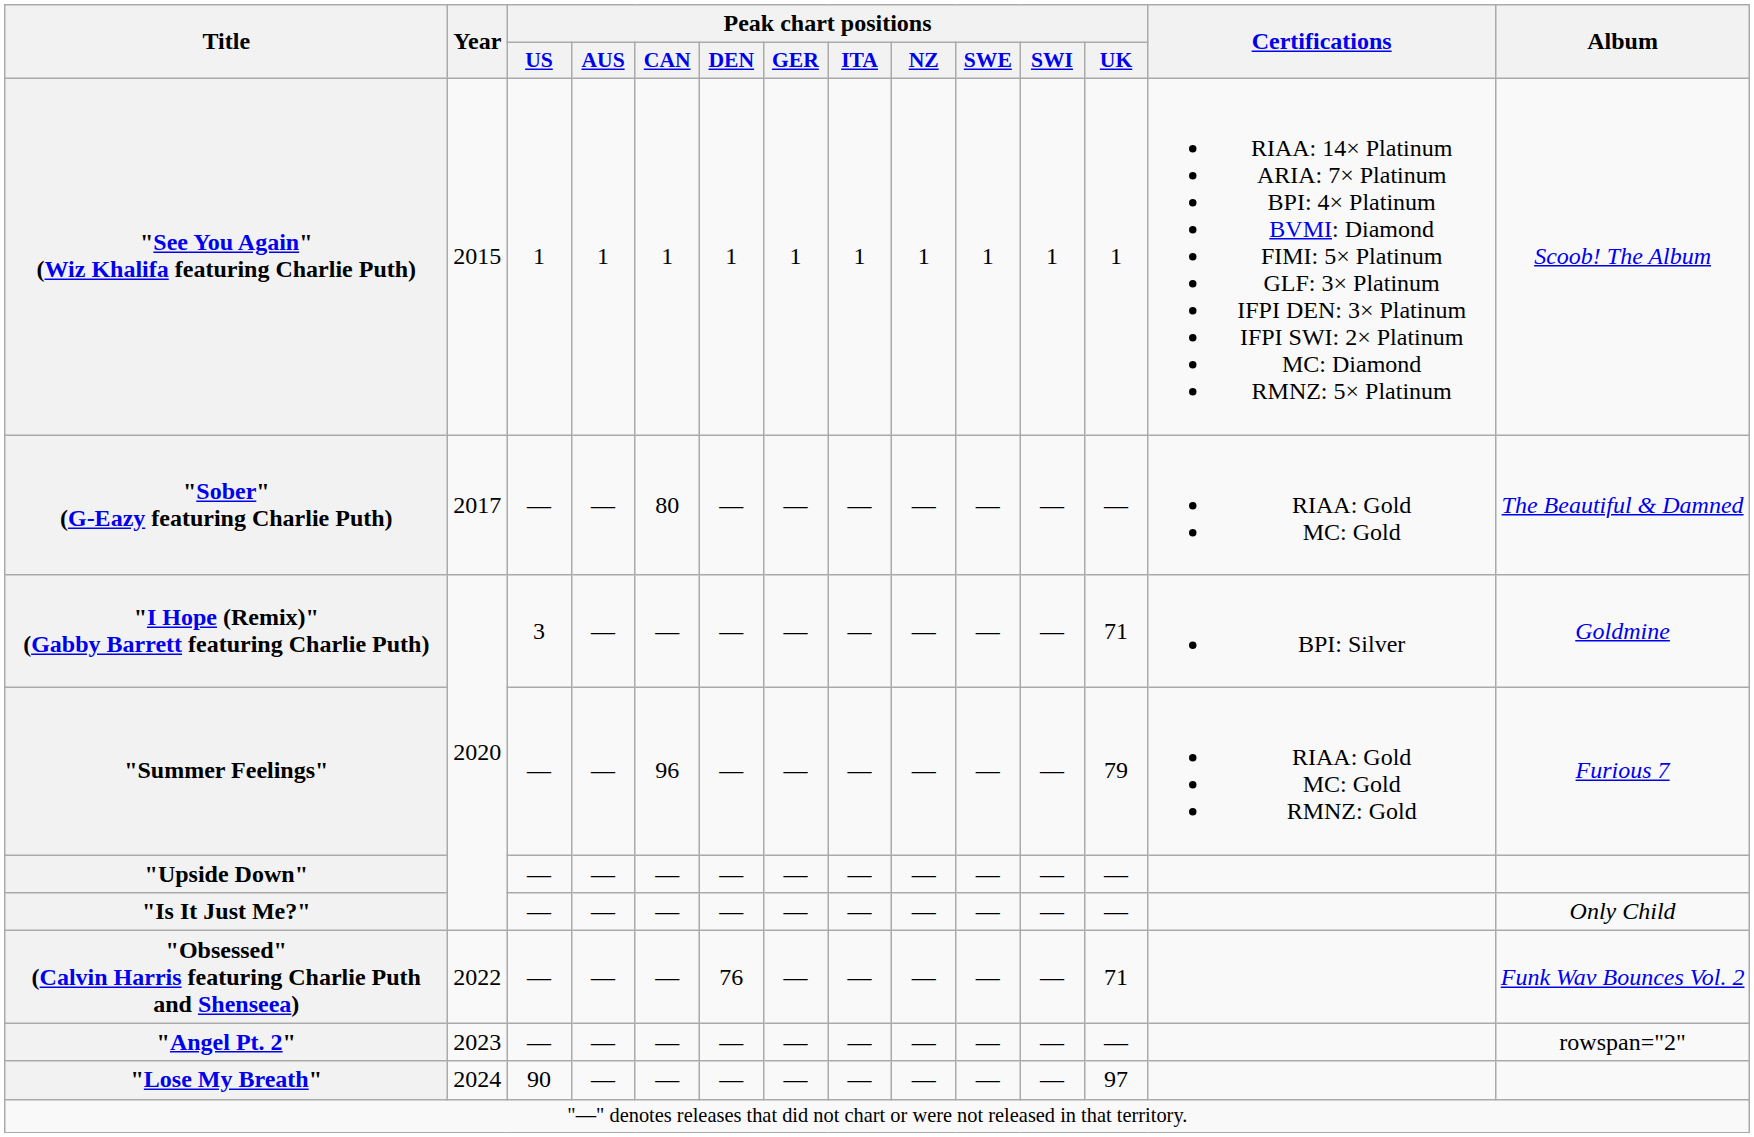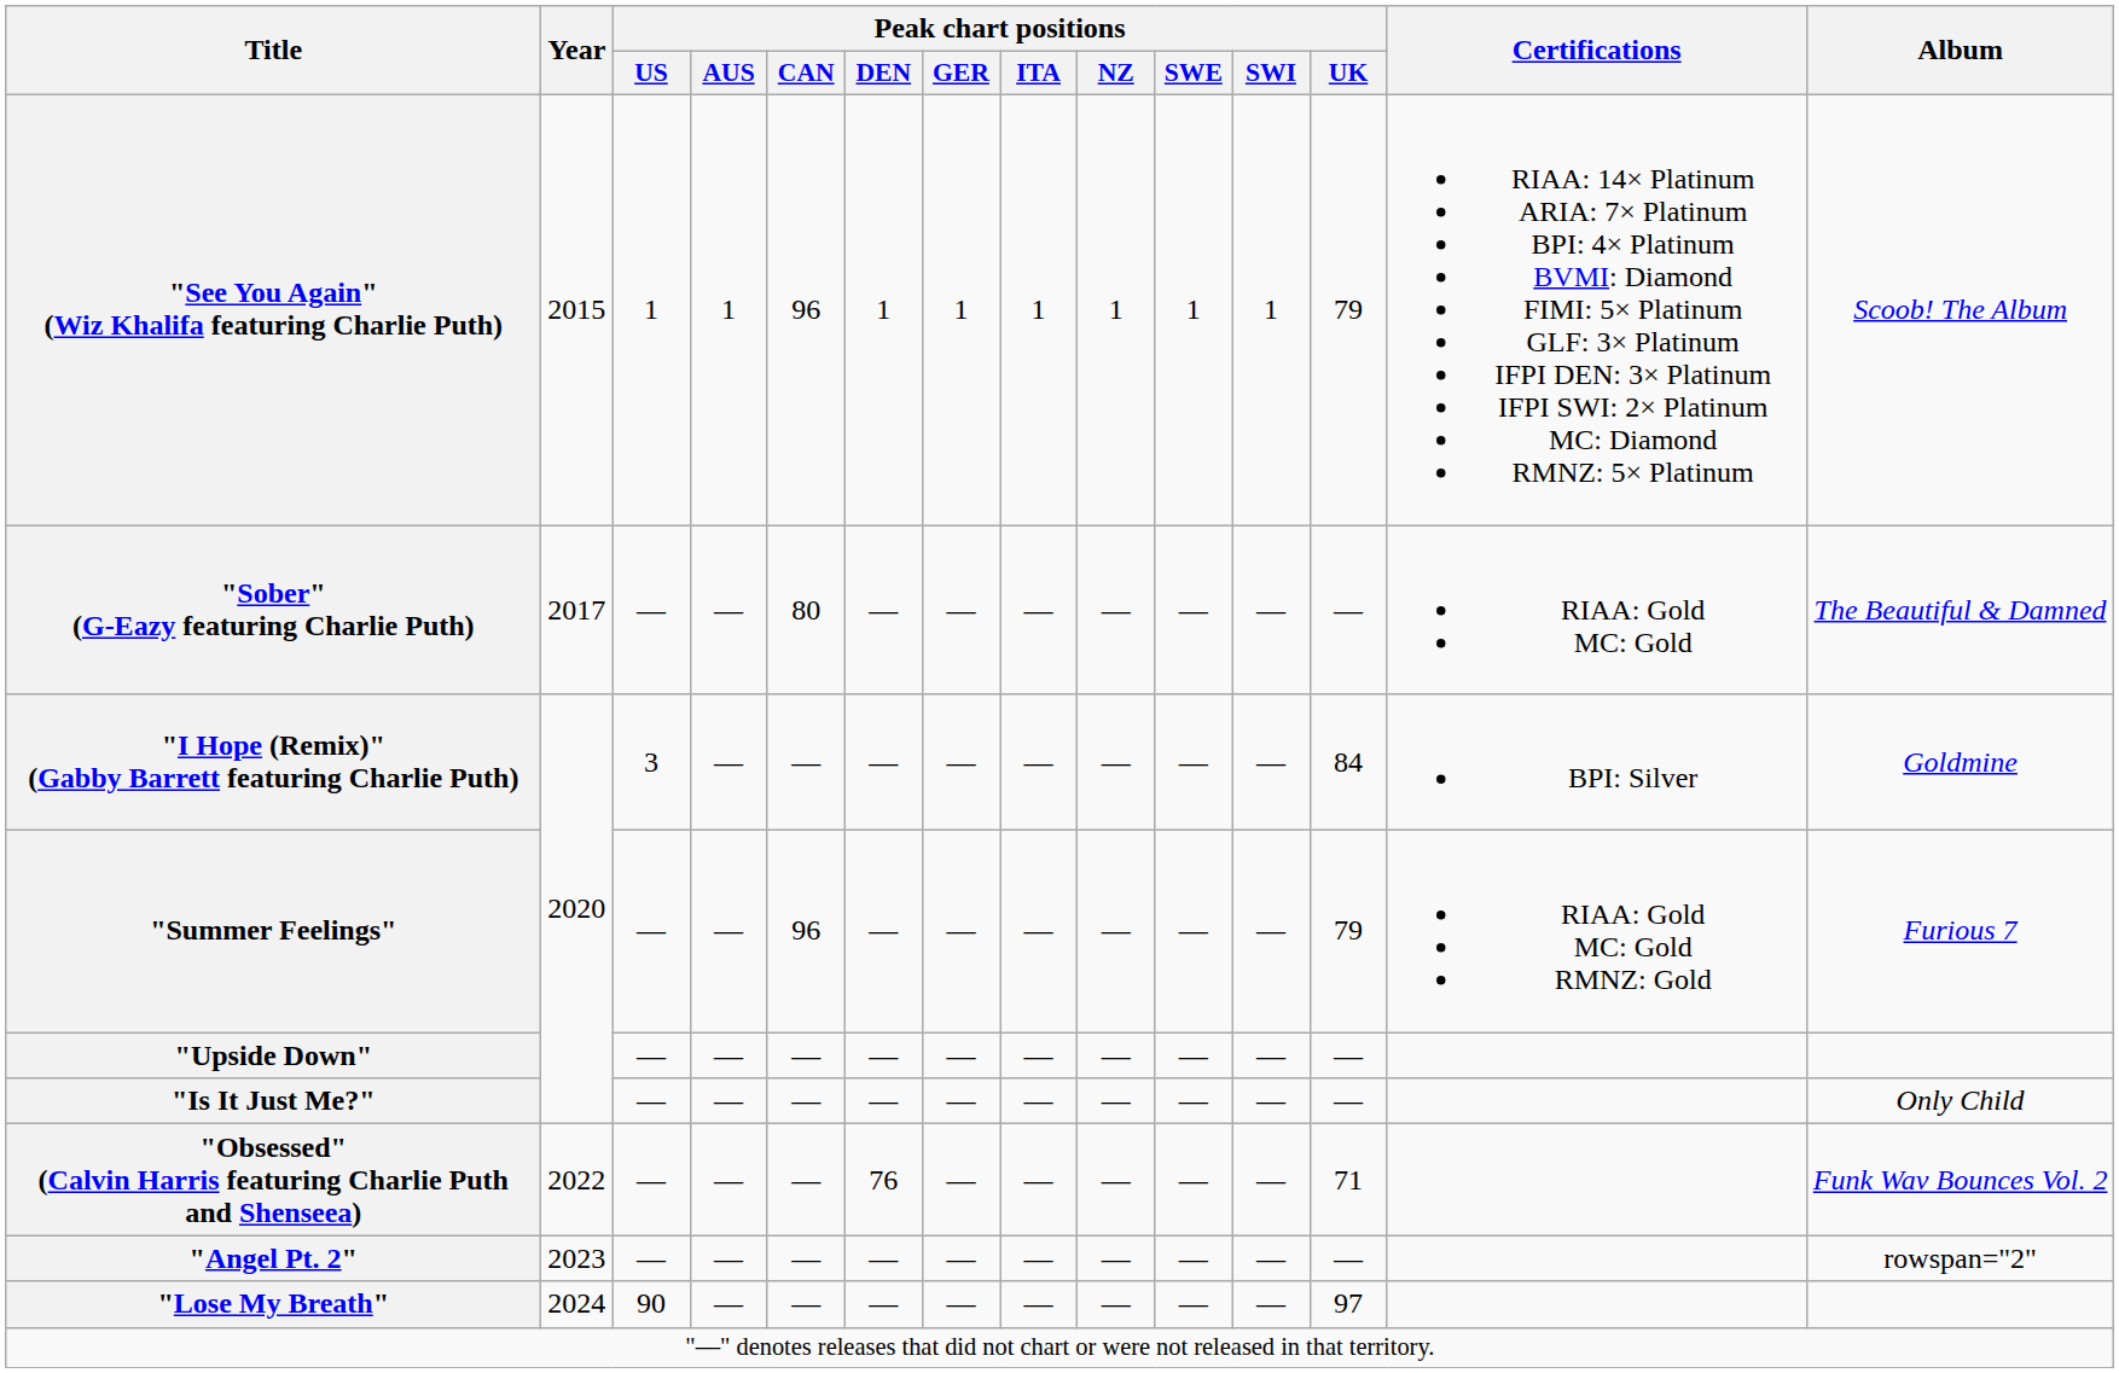 <table class="wikitable plainrowheaders" style="text-align:center;" border="1">
 <tr>
 <th scope="col" rowspan="2" style="width:18em;">Title</th>
 <th scope="col" rowspan="2">Year</th>
 <th scope="col" colspan="10">Peak chart positions</th>
 <th scope="col" rowspan="2" style="width:14em;"><a href='#'>Certifications</a></th>
 <th scope="col" rowspan="2">Album</th>
 </tr>
 <tr>
 <th scope="col" style="width:2.5em;font-size:90%;"><a href='#'>US</a><br></th>
 <th scope="col" style="width:2.5em;font-size:90%;"><a href='#'>AUS</a><br></th>
 <th scope="col" style="width:2.5em;font-size:90%;"><a href='#'>CAN</a><br></th>
 <th scope="col" style="width:2.5em;font-size:90%;"><a href='#'>DEN</a><br></th>
 <th scope="col" style="width:2.5em;font-size:90%;"><a href='#'>GER</a><br></th>
 <th scope="col" style="width:2.5em;font-size:90%;"><a href='#'>ITA</a><br></th>
 <th scope="col" style="width:2.5em;font-size:90%;"><a href='#'>NZ</a><br></th>
 <th scope="col" style="width:2.5em;font-size:90%;"><a href='#'>SWE</a><br></th>
 <th scope="col" style="width:2.5em;font-size:90%;"><a href='#'>SWI</a><br></th>
 <th scope="col" style="width:2.5em;font-size:90%;"><a href='#'>UK</a><br></th>
 </tr>
 <tr>
 <th scope="row">"<a href='#'>See You Again</a>"<br><span>(<a href='#'>Wiz Khalifa</a> featuring Charlie Puth)</span></th>
 <td>2015</td>
 <td>1</td>
 <td>1</td>
+<td>96</td>
 <td>1</td>
 <td>1</td>
 <td>1</td>
 <td>1</td>
 <td>1</td>
 <td>1</td>
-<td>1</td>
-<td>1</td>
+<td>79</td>
 <td><br><ul><li>RIAA: 14× Platinum</li><li>ARIA: 7× Platinum</li><li>BPI: 4× Platinum</li><li><a href='#'>BVMI</a>: Diamond</li><li>FIMI: 5× Platinum</li><li>GLF: 3× Platinum</li><li>IFPI DEN: 3× Platinum</li><li>IFPI SWI: 2× Platinum</li><li>MC: Diamond</li><li>RMNZ: 5× Platinum</li></ul></td>
 <td><em><a href='#'>Scoob! The Album</a></em></td>
 </tr>
 <tr>
 <th scope="row">"<a href='#'>Sober</a>"<br><span>(<a href='#'>G-Eazy</a> featuring Charlie Puth)</span></th>
 <td>2017</td>
 <td>—</td>
 <td>—</td>
 <td>80</td>
 <td>—</td>
 <td>—</td>
 <td>—</td>
 <td>—</td>
 <td>—</td>
 <td>—</td>
 <td>—</td>
 <td><br><ul><li>RIAA: Gold</li><li>MC: Gold</li></ul></td>
 <td><em><a href='#'>The Beautiful & Damned</a></em></td>
 </tr>
 <tr>
 <th scope="row">"<a href='#'>I Hope</a> (Remix)"<br><span>(<a href='#'>Gabby Barrett</a> featuring Charlie Puth)</span></th>
 <td rowspan="4">2020</td>
 <td>3</td>
 <td>—</td>
 <td>— </td>
 <td>—</td>
 <td>—</td>
 <td>—</td>
 <td>—</td>
 <td>—</td>
 <td>—</td>
-<td>71</td>
+<td>84</td>
 <td><br><ul><li>BPI: Silver</li></ul></td>
 <td><em><a href='#'>Goldmine</a></em></td>
 </tr>
 <tr>
 <th scope="row">"Summer Feelings"<br></th>
 <td>—</td>
 <td>—</td>
 <td>96</td>
 <td>—</td>
 <td>—</td>
 <td>—</td>
 <td>—</td>
 <td>—</td>
 <td>—</td>
 <td>79</td>
 <td><br><ul><li>RIAA: Gold</li><li>MC: Gold</li><li>RMNZ: Gold</li></ul></td>
 <td><em><a href='#'>Furious 7</a></em></td>
 </tr>
 <tr>
 <th scope="row">"Upside Down"<br></th>
 <td>—</td>
 <td>—</td>
 <td>—</td>
 <td>—</td>
 <td>—</td>
 <td>—</td>
 <td>—</td>
 <td>—</td>
 <td>—</td>
 <td>—</td>
 <td></td>
 <td></td>
 </tr>
 <tr>
 <th scope="row">"Is It Just Me?"<br></th>
 <td>—</td>
 <td>—</td>
 <td>—</td>
 <td>—</td>
 <td>—</td>
 <td>—</td>
 <td>—</td>
 <td>—</td>
 <td>—</td>
 <td>—</td>
 <td></td>
 <td><em>Only Child</em></td>
 </tr>
 <tr>
 <th scope="row">"Obsessed"<br><span>(<a href='#'>Calvin Harris</a> featuring Charlie Puth and <a href='#'>Shenseea</a>)</span></th>
 <td>2022</td>
 <td>—</td>
 <td>—</td>
 <td>—</td>
 <td>76</td>
 <td>—</td>
 <td>—</td>
 <td>—</td>
 <td>—</td>
 <td>—</td>
 <td>71</td>
 <td></td>
 <td><em><a href='#'>Funk Wav Bounces Vol. 2</a></em></td>
 </tr>
 <tr>
 <th scope="row">"<a href='#'>Angel Pt. 2</a>"<br></th>
 <td>2023</td>
 <td>—</td>
 <td>—</td>
 <td>—</td>
 <td>—</td>
 <td>—</td>
 <td>—</td>
 <td>—</td>
 <td>—</td>
 <td>—</td>
 <td>—</td>
 <td></td>
 <td>rowspan="2" </td>
 </tr>
 <tr>
 <th scope="row">"<a href='#'>Lose My Breath</a>"<br></th>
 <td>2024</td>
 <td>90</td>
 <td>—</td>
 <td>—</td>
 <td>—</td>
 <td>—</td>
 <td>—</td>
 <td>—</td>
 <td>—</td>
 <td>—</td>
 <td>97</td>
 <td></td>
 </tr>
 <tr>
 <td align="center" colspan="14" style="font-size:85%">"—" denotes releases that did not chart or were not released in that territory.</td>
 </tr>
 </table>
